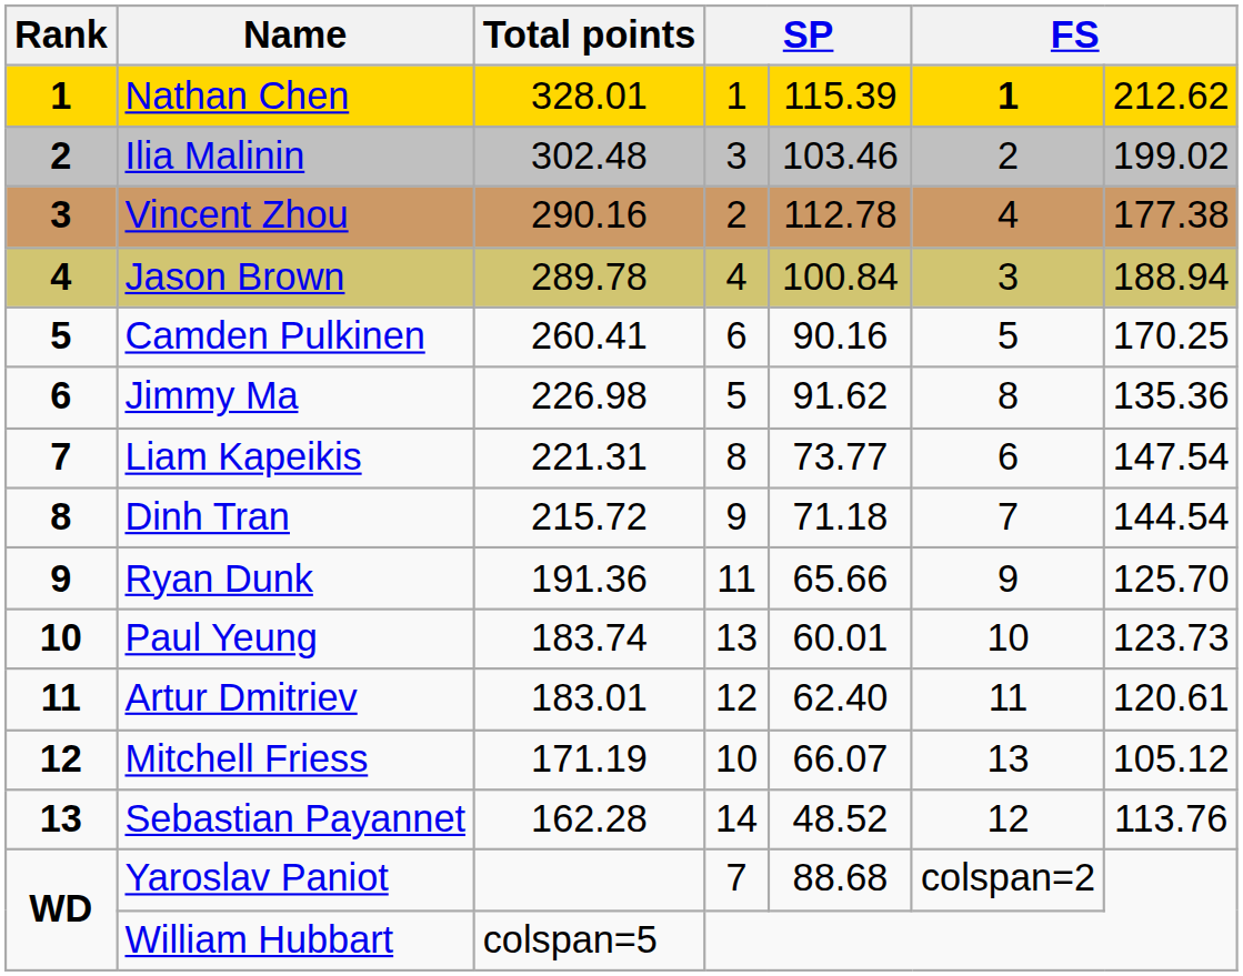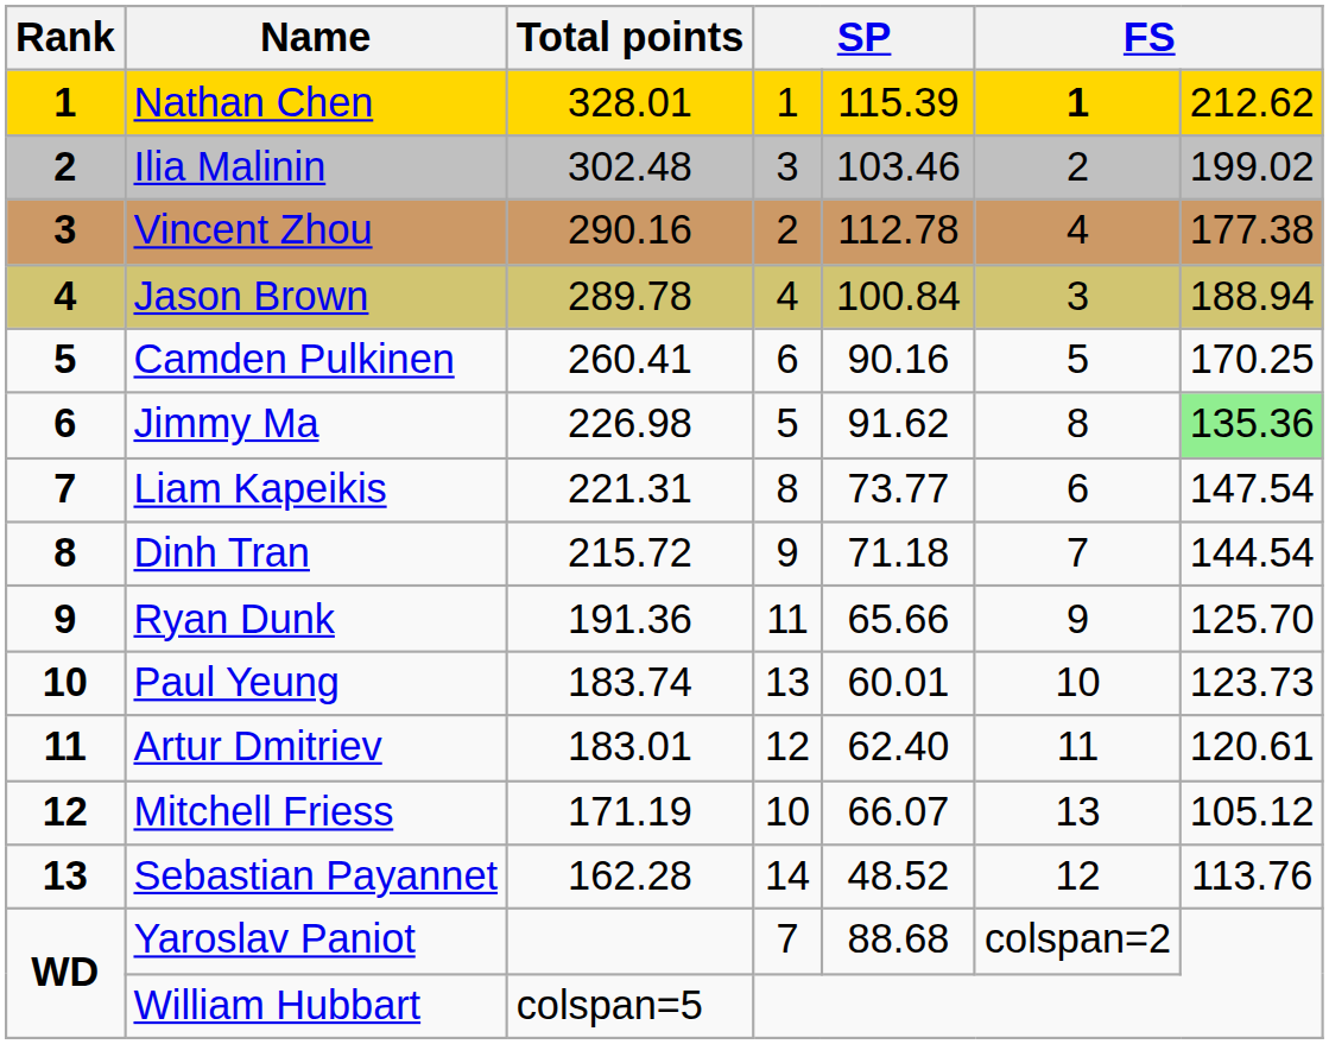 <table class="wikitable sortable">
 <tr>
 <th>Rank</th>
 <th>Name</th>
 <th>Total points</th>
 <th colspan="2" width="80px"><a href='#'>SP</a></th>
 <th colspan="2" width="80px"><a href='#'>FS</a></th>
 </tr>
 <tr bgcolor="gold">
 <td align="center"><strong>1</strong></td>
 <td><a href='#'>Nathan Chen</a></td>
 <td align="center">328.01</td>
 <td align="center">1</td>
 <td align="center">115.39</td>
 <td align="center"><strong>1</strong></td>
 <td align="center">212.62</td>
 </tr>
 <tr bgcolor="silver">
 <td align="center"><strong>2</strong></td>
 <td><a href='#'>Ilia Malinin</a></td>
 <td align="center">302.48</td>
 <td align="center">3</td>
 <td align="center">103.46</td>
 <td align="center">2</td>
 <td align="center">199.02</td>
 </tr>
 <tr bgcolor="cc9966">
 <td align="center"><strong>3</strong></td>
 <td><a href='#'>Vincent Zhou</a></td>
 <td align="center">290.16</td>
 <td align="center">2</td>
 <td align="center">112.78</td>
 <td align="center">4</td>
 <td align="center">177.38</td>
 </tr>
 <tr bgcolor="#d1c571">
 <td align="center"><strong>4</strong></td>
 <td><a href='#'>Jason Brown</a></td>
 <td align="center">289.78</td>
 <td align="center">4</td>
 <td align="center">100.84</td>
 <td align="center">3</td>
 <td align="center">188.94</td>
 </tr>
 <tr>
 <td align="center"><strong>5</strong></td>
 <td><a href='#'>Camden Pulkinen</a></td>
 <td align="center">260.41</td>
 <td align="center">6</td>
 <td align="center">90.16</td>
 <td align="center">5</td>
 <td align="center">170.25</td>
 </tr>
 <tr>
 <td align="center"><strong>6</strong></td>
 <td><a href='#'>Jimmy Ma</a></td>
 <td align="center">226.98</td>
 <td align="center">5</td>
 <td align="center">91.62</td>
 <td align="center">8</td>
-<td align="center">135.36</td>
+<td align="center" style="background: lightgreen;">135.36</td>
 </tr>
 <tr>
 <td align="center"><strong>7</strong></td>
 <td><a href='#'>Liam Kapeikis</a></td>
 <td align="center">221.31</td>
 <td align="center">8</td>
 <td align="center">73.77</td>
 <td align="center">6</td>
 <td align="center">147.54</td>
 </tr>
 <tr>
 <td align="center"><strong>8</strong></td>
 <td><a href='#'>Dinh Tran</a></td>
 <td align="center">215.72</td>
 <td align="center">9</td>
 <td align="center">71.18</td>
 <td align="center">7</td>
 <td align="center">144.54</td>
 </tr>
 <tr>
 <td align="center"><strong>9</strong></td>
 <td><a href='#'>Ryan Dunk</a></td>
 <td align="center">191.36</td>
 <td align="center">11</td>
 <td align="center">65.66</td>
 <td align="center">9</td>
 <td align="center">125.70</td>
 </tr>
 <tr>
 <td align="center"><strong>10</strong></td>
 <td><a href='#'>Paul Yeung</a></td>
 <td align="center">183.74</td>
 <td align="center">13</td>
 <td align="center">60.01</td>
 <td align="center">10</td>
 <td align="center">123.73</td>
 </tr>
 <tr>
 <td align="center"><strong>11</strong></td>
 <td><a href='#'>Artur Dmitriev</a></td>
 <td align="center">183.01</td>
 <td align="center">12</td>
 <td align="center">62.40</td>
 <td align="center">11</td>
 <td align="center">120.61</td>
 </tr>
 <tr>
 <td align="center"><strong>12</strong></td>
 <td><a href='#'>Mitchell Friess</a></td>
 <td align="center">171.19</td>
 <td align="center">10</td>
 <td align="center">66.07</td>
 <td align="center">13</td>
 <td align="center">105.12</td>
 </tr>
 <tr>
 <td align="center"><strong>13</strong></td>
 <td><a href='#'>Sebastian Payannet</a></td>
 <td align="center">162.28</td>
 <td align="center">14</td>
 <td align="center">48.52</td>
 <td align="center">12</td>
 <td align="center">113.76</td>
 </tr>
 <tr>
 <td rowspan="2" align="center"><strong>WD</strong></td>
 <td><a href='#'>Yaroslav Paniot</a></td>
 <td></td>
 <td align="center">7</td>
 <td align="center">88.68</td>
 <td>colspan=2 </td>
 </tr>
 <tr>
 <td><a href='#'>William Hubbart</a></td>
 <td>colspan=5 </td>
 </tr>
 </table>
